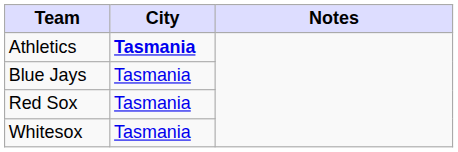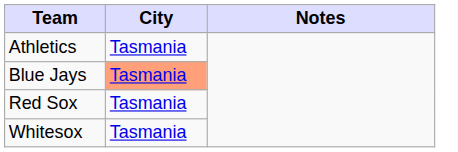 <table class="wikitable">
 <tr>
 <th style="background:#ddf; width:20%;">Team</th>
 <th style="background:#ddf; width:20%;">City</th>
 <th style="background:#ddf; width:45%;">Notes</th>
 </tr>
 <tr>
 <td>Athletics</td>
-<td><strong><a href='#'>Tasmania</a></strong></td>
+<td><a href='#'>Tasmania</a></td>
 </tr>
 <tr>
 <td>Blue Jays</td>
-<td><a href='#'>Tasmania</a></td>
+<td style="background: lightsalmon;"><a href='#'>Tasmania</a></td>
 </tr>
 <tr>
 <td>Red Sox</td>
 <td><a href='#'>Tasmania</a></td>
 </tr>
 <tr>
 <td>Whitesox</td>
 <td><a href='#'>Tasmania</a></td>
 </tr>
 </table>
